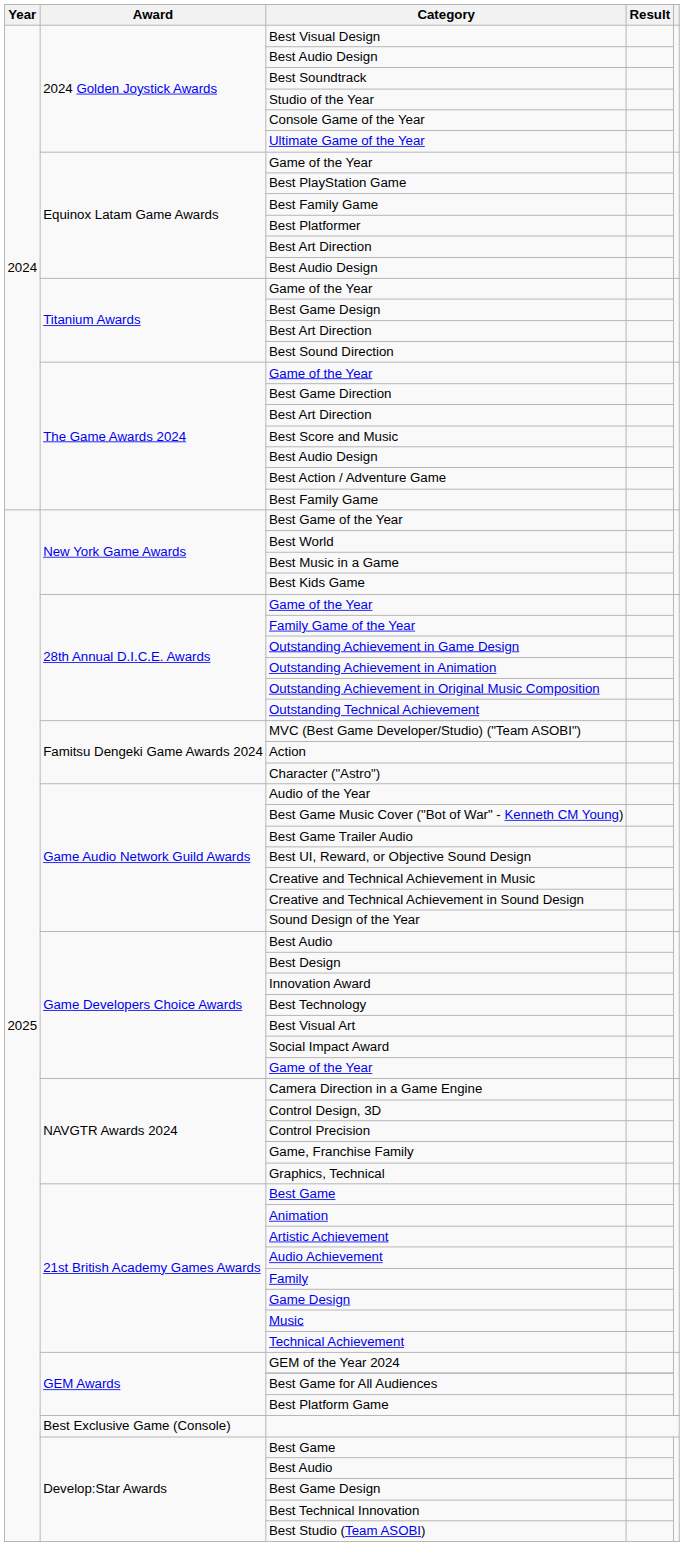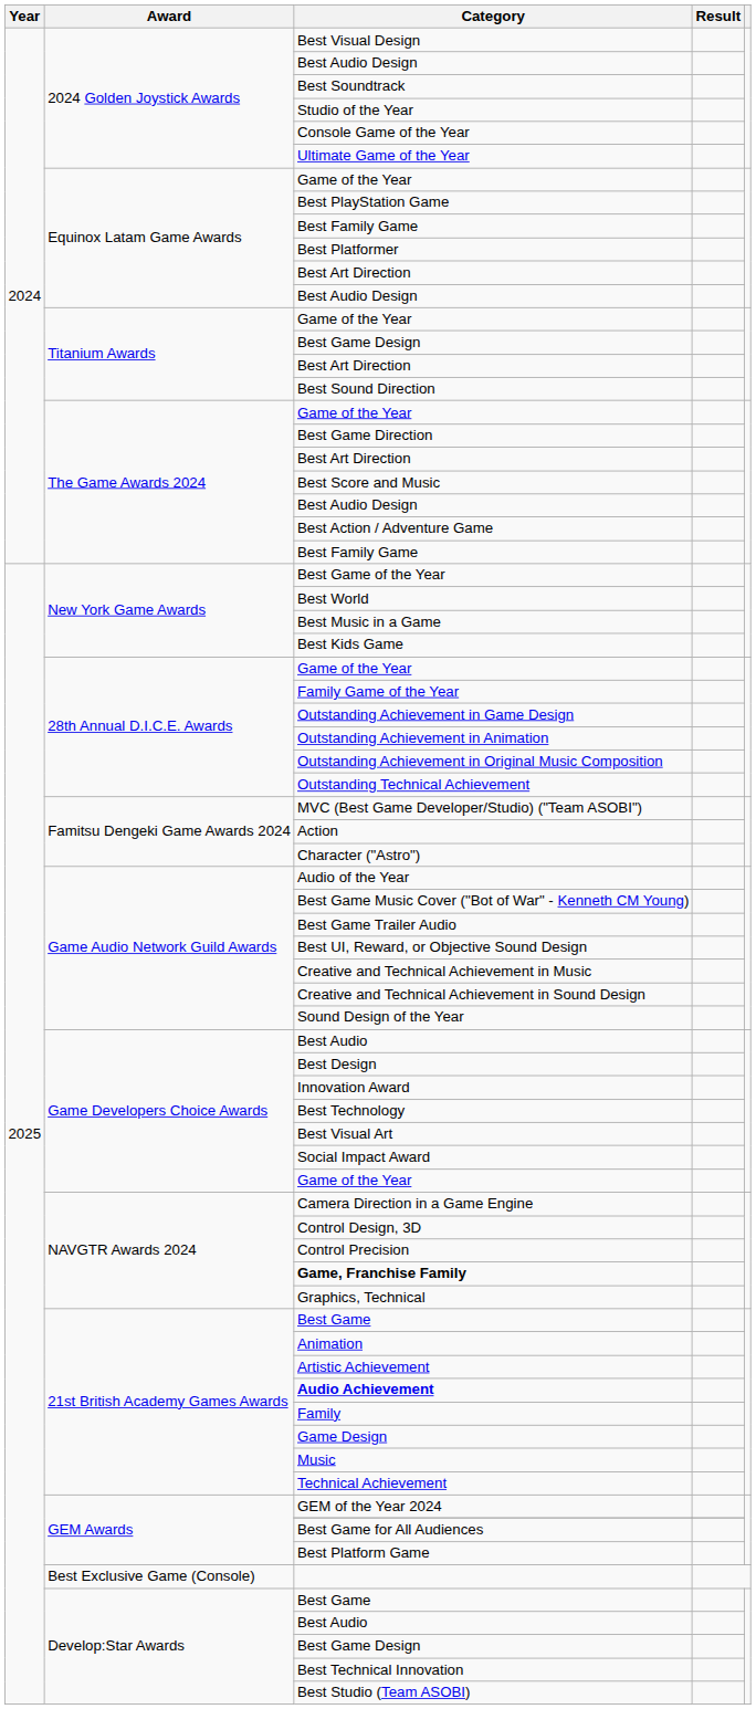 <table class="wikitable sortable mw-collapsible">
 <tr>
 <th scope="col">Year</th>
 <th scope="col">Award</th>
 <th scope="col">Category</th>
 <th scope="col">Result</th>
 <th scope="col" class="unsortable"></th>
 </tr>
 <tr>
 <td scope="row" rowspan="23">2024</td>
 <td rowspan="6">2024 <a href='#'>Golden Joystick Awards</a></td>
 <td>Best Visual Design</td>
 <td></td>
 <td rowspan="6" style="text-align: center;"></td>
 </tr>
 <tr>
 <td>Best Audio Design</td>
 <td></td>
 </tr>
 <tr>
 <td>Best Soundtrack</td>
 <td></td>
 </tr>
 <tr>
 <td>Studio of the Year</td>
 <td></td>
 </tr>
 <tr>
 <td>Console Game of the Year</td>
 <td></td>
 </tr>
 <tr>
 <td><a href='#'>Ultimate Game of the Year</a></td>
 <td></td>
 </tr>
 <tr>
 <td rowspan="6">Equinox Latam Game Awards</td>
 <td>Game of the Year</td>
 <td></td>
 <td rowspan="6" style="text-align: center;"></td>
 </tr>
 <tr>
 <td>Best PlayStation Game</td>
 <td></td>
 </tr>
 <tr>
 <td>Best Family Game</td>
 <td></td>
 </tr>
 <tr>
 <td>Best Platformer</td>
 <td></td>
 </tr>
 <tr>
 <td>Best Art Direction</td>
 <td></td>
 </tr>
 <tr>
 <td>Best Audio Design</td>
 <td></td>
 </tr>
 <tr>
 <td rowspan="4"><a href='#'>Titanium Awards</a></td>
 <td>Game of the Year</td>
 <td></td>
 <td rowspan="4" style="text-align: center;"></td>
 </tr>
 <tr>
 <td>Best Game Design</td>
 <td></td>
 </tr>
 <tr>
 <td>Best Art Direction</td>
 <td></td>
 </tr>
 <tr>
 <td>Best Sound Direction</td>
 <td></td>
 </tr>
 <tr>
 <td rowspan="7"><a href='#'>The Game Awards 2024</a></td>
 <td><a href='#'>Game of the Year</a></td>
 <td></td>
 <td rowspan="7" style="text-align: center;"></td>
 </tr>
 <tr>
 <td>Best Game Direction</td>
 <td></td>
 </tr>
 <tr>
 <td>Best Art Direction</td>
 <td></td>
 </tr>
 <tr>
 <td>Best Score and Music</td>
 <td></td>
 </tr>
 <tr>
 <td>Best Audio Design</td>
 <td></td>
 </tr>
 <tr>
 <td>Best Action / Adventure Game</td>
 <td></td>
 </tr>
 <tr>
 <td>Best Family Game</td>
 <td></td>
 </tr>
 <tr>
 <td rowspan="61">2025</td>
 <td rowspan="4"><a href='#'>New York Game Awards</a></td>
 <td>Best Game of the Year</td>
 <td></td>
 <td rowspan="4" style="text-align: center;"></td>
 </tr>
 <tr>
 <td>Best World</td>
 <td></td>
 </tr>
 <tr>
 <td>Best Music in a Game</td>
 <td></td>
 </tr>
 <tr>
 <td>Best Kids Game</td>
 <td></td>
 </tr>
 <tr>
 <td rowspan="6"><a href='#'>28th Annual D.I.C.E. Awards</a></td>
 <td><a href='#'>Game of the Year</a></td>
 <td></td>
 <td rowspan="6" style="text-align: center;"></td>
 </tr>
 <tr>
 <td><a href='#'>Family Game of the Year</a></td>
 <td></td>
 </tr>
 <tr>
 <td><a href='#'>Outstanding Achievement in Game Design</a></td>
 <td></td>
 </tr>
 <tr>
 <td><a href='#'>Outstanding Achievement in Animation</a></td>
 <td></td>
 </tr>
 <tr>
 <td><a href='#'>Outstanding Achievement in Original Music Composition</a></td>
 <td></td>
 </tr>
 <tr>
 <td><a href='#'>Outstanding Technical Achievement</a></td>
 <td></td>
 </tr>
 <tr>
 <td rowspan="3">Famitsu Dengeki Game Awards 2024</td>
 <td>MVC (Best Game Developer/Studio) ("Team ASOBI")</td>
 <td></td>
 <td rowspan="3" style="text-align: center;"></td>
 </tr>
 <tr>
 <td>Action</td>
 <td></td>
 </tr>
 <tr>
 <td>Character ("Astro")</td>
 <td></td>
 </tr>
 <tr>
 <td rowspan="7"><a href='#'>Game Audio Network Guild Awards</a></td>
 <td>Audio of the Year</td>
 <td></td>
 <td rowspan="7" style="text-align: center;"></td>
 </tr>
 <tr>
 <td>Best Game Music Cover ("Bot of War" - <a href='#'>Kenneth CM Young</a>)</td>
 <td></td>
 </tr>
 <tr>
 <td>Best Game Trailer Audio</td>
 <td></td>
 </tr>
 <tr>
 <td>Best UI, Reward, or Objective Sound Design</td>
 <td></td>
 </tr>
 <tr>
 <td>Creative and Technical Achievement in Music</td>
 <td></td>
 </tr>
 <tr>
 <td>Creative and Technical Achievement in Sound Design</td>
 <td></td>
 </tr>
 <tr>
 <td>Sound Design of the Year</td>
 <td></td>
 </tr>
 <tr>
 <td rowspan="7"><a href='#'>Game Developers Choice Awards</a></td>
 <td>Best Audio</td>
 <td></td>
 <td rowspan="7" style="text-align: center;"></td>
 </tr>
 <tr>
 <td>Best Design</td>
 <td></td>
 </tr>
 <tr>
 <td>Innovation Award</td>
 <td></td>
 </tr>
 <tr>
 <td>Best Technology</td>
 <td></td>
 </tr>
 <tr>
 <td>Best Visual Art</td>
 <td></td>
 </tr>
 <tr>
 <td>Social Impact Award</td>
 <td></td>
 </tr>
 <tr>
 <td><a href='#'>Game of the Year</a></td>
 <td></td>
 </tr>
 <tr>
 <td rowspan="5">NAVGTR Awards 2024</td>
 <td>Camera Direction in a Game Engine</td>
 <td></td>
 <td align="center" rowspan="5"></td>
 </tr>
 <tr>
 <td>Control Design, 3D</td>
 <td></td>
 </tr>
 <tr>
 <td>Control Precision</td>
 <td></td>
 </tr>
 <tr>
-<td>Game, Franchise Family</td>
+<td><strong>Game, Franchise Family</strong></td>
 <td></td>
 </tr>
 <tr>
 <td>Graphics, Technical</td>
 <td></td>
 </tr>
 <tr>
 <td rowspan="8"><a href='#'>21st British Academy Games Awards</a></td>
 <td><a href='#'>Best Game</a></td>
 <td></td>
 <td align="center" rowspan="8"></td>
 </tr>
 <tr>
 <td><a href='#'>Animation</a></td>
 <td></td>
 </tr>
 <tr>
 <td><a href='#'>Artistic Achievement</a></td>
 <td></td>
 </tr>
 <tr>
-<td><a href='#'>Audio Achievement</a></td>
+<td><strong><a href='#'>Audio Achievement</a></strong></td>
 <td></td>
 </tr>
 <tr>
 <td><a href='#'>Family</a></td>
 <td></td>
 </tr>
 <tr>
 <td><a href='#'>Game Design</a></td>
 <td></td>
 </tr>
 <tr>
 <td><a href='#'>Music</a></td>
 <td></td>
 </tr>
 <tr>
 <td><a href='#'>Technical Achievement</a></td>
 <td></td>
 </tr>
 <tr>
 <td rowspan="4"><a href='#'>GEM Awards</a></td>
 <td>GEM of the Year 2024</td>
 <td></td>
 <td align="center" rowspan="4"></td>
 </tr>
 <tr>
 </tr>
 <tr>
 <td>Best Game for All Audiences</td>
 <td></td>
 </tr>
 <tr>
 <td>Best Platform Game</td>
 <td></td>
 </tr>
 <tr>
 <td>Best Exclusive Game (Console)</td>
 <td></td>
 </tr>
 <tr>
 <td rowspan="5">Develop:Star Awards</td>
 <td>Best Game</td>
 <td></td>
 <td align="center" rowspan="5"></td>
 </tr>
 <tr>
 <td>Best Audio</td>
 <td></td>
 </tr>
 <tr>
 <td>Best Game Design</td>
 <td></td>
 </tr>
 <tr>
 <td>Best Technical Innovation</td>
 <td></td>
 </tr>
 <tr>
 <td>Best Studio (<a href='#'>Team ASOBI</a>)</td>
 <td></td>
 </tr>
 </table>
